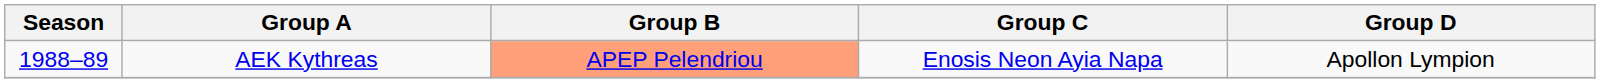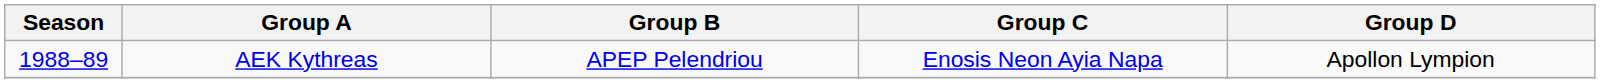 <table class="wikitable" style="text-align:left style="font-size:90%">
 <tr>
 <th width="75">Season</th>
 <th width="250">Group A</th>
 <th width="250">Group B</th>
 <th width="250">Group C</th>
 <th width="250">Group D</th>
 </tr>
 <tr>
 <td style="text-align:center;"><a href='#'>1988–89</a></td>
 <td style="text-align:center;"><a href='#'>AEK Kythreas</a></td>
-<td style="background: lightsalmon; text-align:center;"><a href='#'>APEP Pelendriou</a></td>
+<td style="text-align:center;"><a href='#'>APEP Pelendriou</a></td>
 <td style="text-align:center;"><a href='#'>Enosis Neon Ayia Napa</a></td>
 <td style="text-align:center;">Apollon Lympion</td>
 </tr>
 <tr>
 </tr>
 </table>
